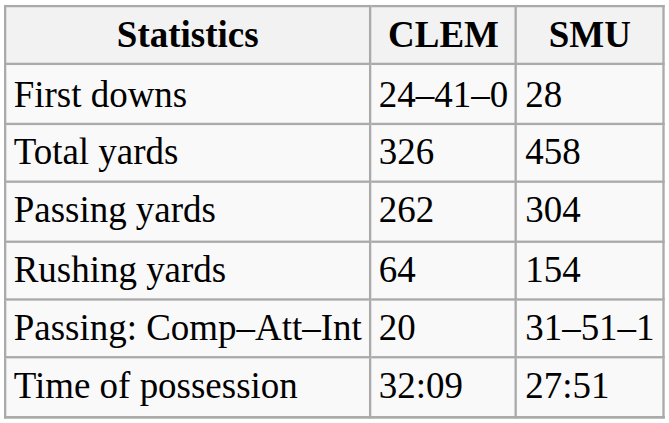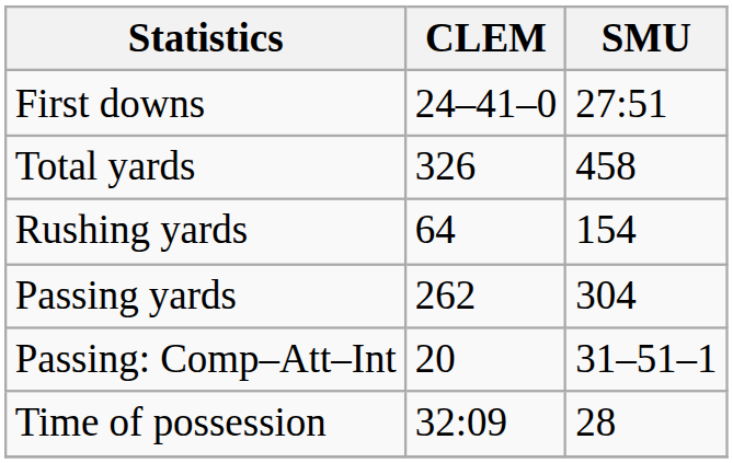 <table class="wikitable" style="float: left;">
 <tr>
 <th>Statistics</th>
 <th>CLEM</th>
 <th>SMU</th>
 </tr>
 <tr>
 <td>First downs</td>
 <td>24–41–0</td>
-<td>28</td>
+<td>27:51</td>
 </tr>
 <tr>
 <td>Total yards</td>
 <td>326</td>
 <td>458</td>
 </tr>
 <tr>
+<td>Rushing yards</td>
+<td>64</td>
+<td>154</td>
+</tr>
+<tr>
 <td>Passing yards</td>
 <td>262</td>
 <td>304</td>
-</tr>
-<tr>
-<td>Rushing yards</td>
-<td>64</td>
-<td>154</td>
 </tr>
 <tr>
 <td>Passing: Comp–Att–Int</td>
 <td>20</td>
 <td>31–51–1</td>
 </tr>
 <tr>
 <td>Time of possession</td>
 <td>32:09</td>
-<td>27:51</td>
+<td>28</td>
 </tr>
 <tr>
 </tr>
 </table>
